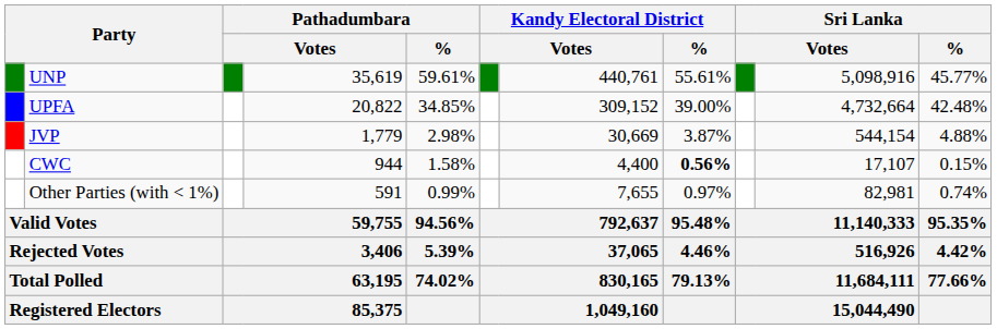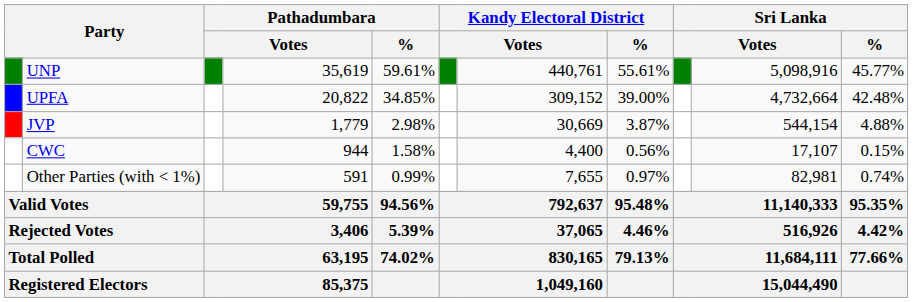 <table class="wikitable">
 <tr>
 <th colspan="2" width="144px"rowspan="2">Party</th>
 <th colspan="3" width="216px">Pathadumbara</th>
 <th colspan="3" width="216px"><a href='#'>Kandy Electoral District</a></th>
 <th colspan="3" width="216px">Sri Lanka</th>
 </tr>
 <tr>
 <th colspan="2" width="144px">Votes</th>
 <th>%</th>
 <th colspan="2" width="144px">Votes</th>
 <th>%</th>
 <th colspan="2" width="144px">Votes</th>
 <th>%</th>
 </tr>
 <tr>
 <td style="background-color:green;" width="10px"></td>
 <td style="text-align:left;"><a href='#'>UNP</a></td>
 <td style="background-color:green;" width="10px"></td>
 <td style="text-align:right;">35,619</td>
 <td style="text-align:right;">59.61%</td>
 <td style="background-color:green;" width="10px"></td>
 <td style="text-align:right;">440,761</td>
 <td style="text-align:right;">55.61%</td>
 <td style="background-color:green;" width="10px"></td>
 <td style="text-align:right;">5,098,916</td>
 <td style="text-align:right;">45.77%</td>
 </tr>
 <tr>
 <td style="background-color:blue;" width="10px"></td>
 <td style="text-align:left;"><a href='#'>UPFA</a></td>
 <td style="background-color:white;" width="10px"></td>
 <td style="text-align:right;">20,822</td>
 <td style="text-align:right;">34.85%</td>
 <td style="background-color:white;" width="10px"></td>
 <td style="text-align:right;">309,152</td>
 <td style="text-align:right;">39.00%</td>
 <td style="background-color:white;" width="10px"></td>
 <td style="text-align:right;">4,732,664</td>
 <td style="text-align:right;">42.48%</td>
 </tr>
 <tr>
 <td style="background-color:red;" width="10px"></td>
 <td style="text-align:left;"><a href='#'>JVP</a></td>
 <td style="background-color:white;" width="10px"></td>
 <td style="text-align:right;">1,779</td>
 <td style="text-align:right;">2.98%</td>
 <td style="background-color:white;" width="10px"></td>
 <td style="text-align:right;">30,669</td>
 <td style="text-align:right;">3.87%</td>
 <td style="background-color:white;" width="10px"></td>
 <td style="text-align:right;">544,154</td>
 <td style="text-align:right;">4.88%</td>
 </tr>
 <tr>
 <td style="background-color:white;" width="10px"></td>
 <td style="text-align:left;"><a href='#'>CWC</a></td>
 <td style="background-color:white;" width="10px"></td>
 <td style="text-align:right;">944</td>
 <td style="text-align:right;">1.58%</td>
 <td style="background-color:white;" width="10px"></td>
 <td style="text-align:right;">4,400</td>
-<td style="text-align:right;"><strong>0.56%</strong></td>
+<td style="text-align:right;">0.56%</td>
 <td style="background-color:white;" width="10px"></td>
 <td style="text-align:right;">17,107</td>
 <td style="text-align:right;">0.15%</td>
 </tr>
 <tr>
 <td style="background-color:white;" width="10px"></td>
 <td style="text-align:left;">Other Parties (with < 1%)</td>
 <td style="background-color:white;" width="10px"></td>
 <td style="text-align:right;">591</td>
 <td style="text-align:right;">0.99%</td>
 <td style="background-color:white;" width="10px"></td>
 <td style="text-align:right;">7,655</td>
 <td style="text-align:right;">0.97%</td>
 <td style="background-color:white;" width="10px"></td>
 <td style="text-align:right;">82,981</td>
 <td style="text-align:right;">0.74%</td>
 </tr>
 <tr>
 <th colspan="2" width="144px"style="text-align:left;">Valid Votes</th>
 <th style="text-align:right;"colspan="2" width="144px">59,755</th>
 <th style="text-align:right;">94.56%</th>
 <th style="text-align:right;"colspan="2" width="144px">792,637</th>
 <th style="text-align:right;">95.48%</th>
 <th style="text-align:right;"colspan="2" width="144px">11,140,333</th>
 <th style="text-align:right;">95.35%</th>
 </tr>
 <tr>
 <th colspan="2" width="144px"style="text-align:left;">Rejected Votes</th>
 <th style="text-align:right;"colspan="2" width="144px">3,406</th>
 <th style="text-align:right;">5.39%</th>
 <th style="text-align:right;"colspan="2" width="144px">37,065</th>
 <th style="text-align:right;">4.46%</th>
 <th style="text-align:right;"colspan="2" width="144px">516,926</th>
 <th style="text-align:right;">4.42%</th>
 </tr>
 <tr>
 <th colspan="2" width="144px"style="text-align:left;">Total Polled</th>
 <th style="text-align:right;"colspan="2" width="144px">63,195</th>
 <th style="text-align:right;">74.02%</th>
 <th style="text-align:right;"colspan="2" width="144px">830,165</th>
 <th style="text-align:right;">79.13%</th>
 <th style="text-align:right;"colspan="2" width="144px">11,684,111</th>
 <th style="text-align:right;">77.66%</th>
 </tr>
 <tr>
 <th colspan="2" width="144px"style="text-align:left;">Registered Electors</th>
 <th style="text-align:right;"colspan="2" width="144px">85,375</th>
 <th></th>
 <th style="text-align:right;"colspan="2" width="144px">1,049,160</th>
 <th></th>
 <th style="text-align:right;"colspan="2" width="144px">15,044,490</th>
 <th></th>
 </tr>
 </table>
